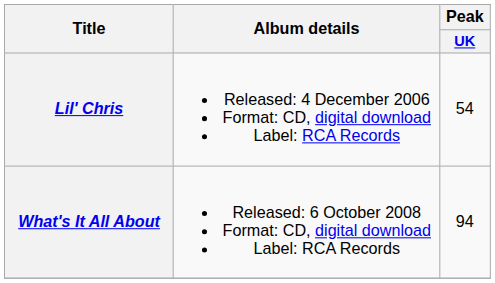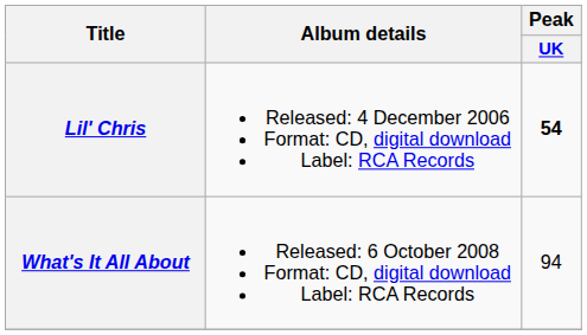 <table class="wikitable plainrowheaders" style="text-align:center;">
 <tr>
 <th scope="col" rowspan="2" style="width:10em;">Title</th>
 <th scope="col" rowspan="2" style="width:16em;">Album details</th>
 <th scope="col" colspan="1">Peak</th>
 </tr>
 <tr>
 <th scope="col" style="width:3em;font-size:90%;"><a href='#'>UK</a><br></th>
 </tr>
 <tr>
 <th scope="row"><em><a href='#'>Lil' Chris</a></em></th>
 <td><br><ul><li>Released: 4 December 2006</li><li>Format: CD, <a href='#'>digital download</a></li><li>Label: <a href='#'>RCA Records</a></li></ul></td>
-<td>54</td>
+<td><strong>54</strong></td>
 </tr>
 <tr>
 <th scope="row"><em><a href='#'>What's It All About</a></em></th>
 <td><br><ul><li>Released: 6 October 2008</li><li>Format: CD, <a href='#'>digital download</a></li><li>Label: RCA Records</li></ul></td>
 <td>94 </td>
 </tr>
 <tr>
 </tr>
 </table>
